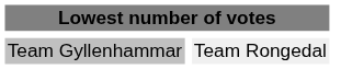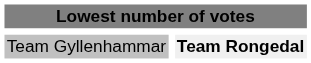 <table cellpadding=2 cellspacing=6>
 <tr bgcolor=#808080>
 <td colspan="3" align="center"><strong>Lowest number of votes</strong></td>
 </tr>
 <tr>
 <td bgcolor="#C0C0C0">Team Gyllenhammar</td>
-<td bgcolor="#F0F0F0">Team Rongedal</td>
+<td bgcolor="#F0F0F0"><strong>Team Rongedal</strong></td>
 </tr>
 </table>
